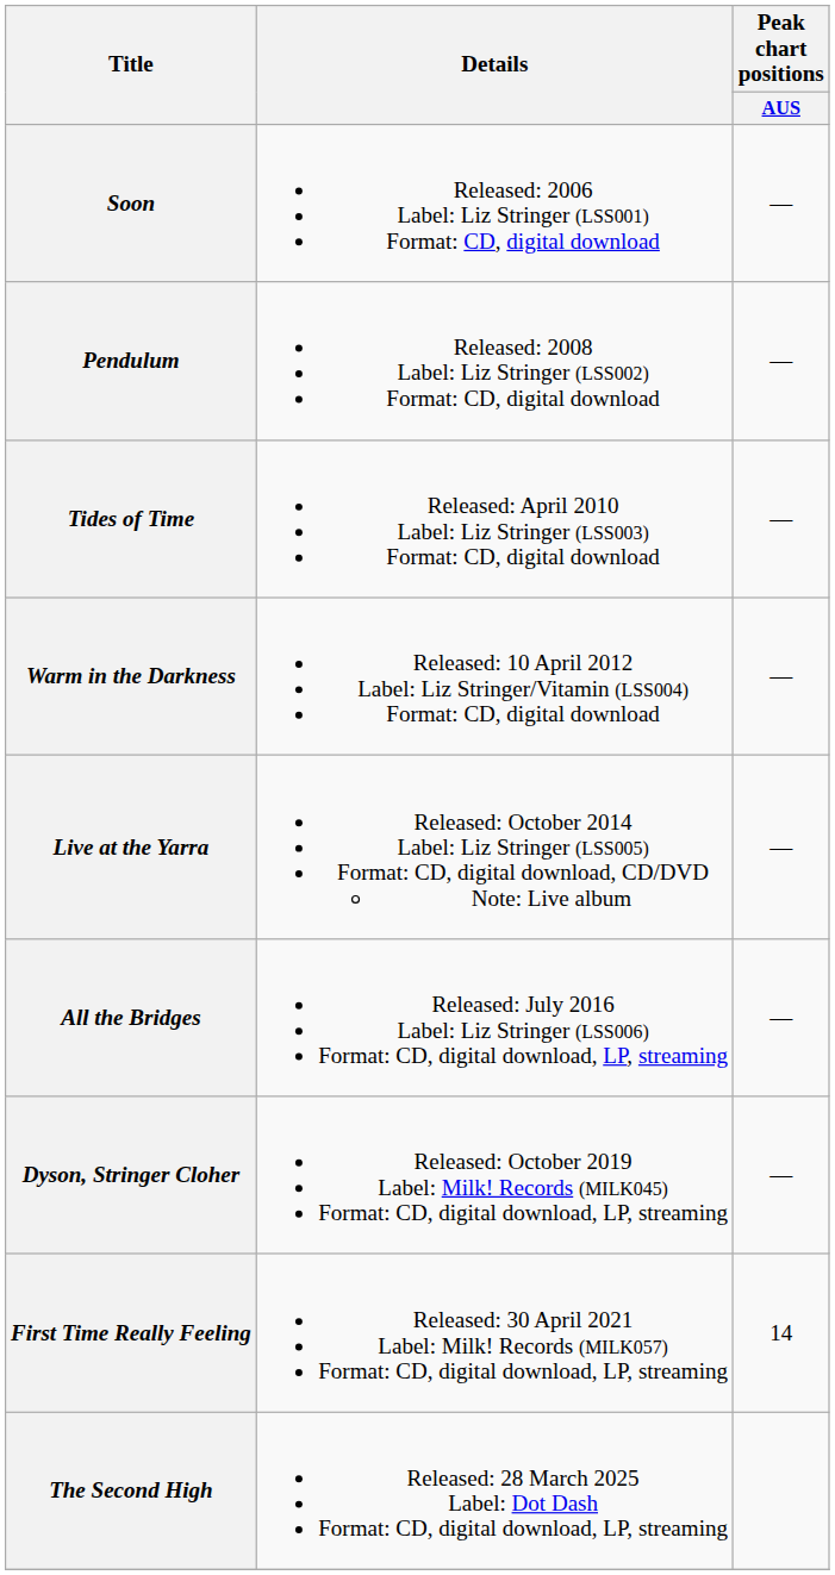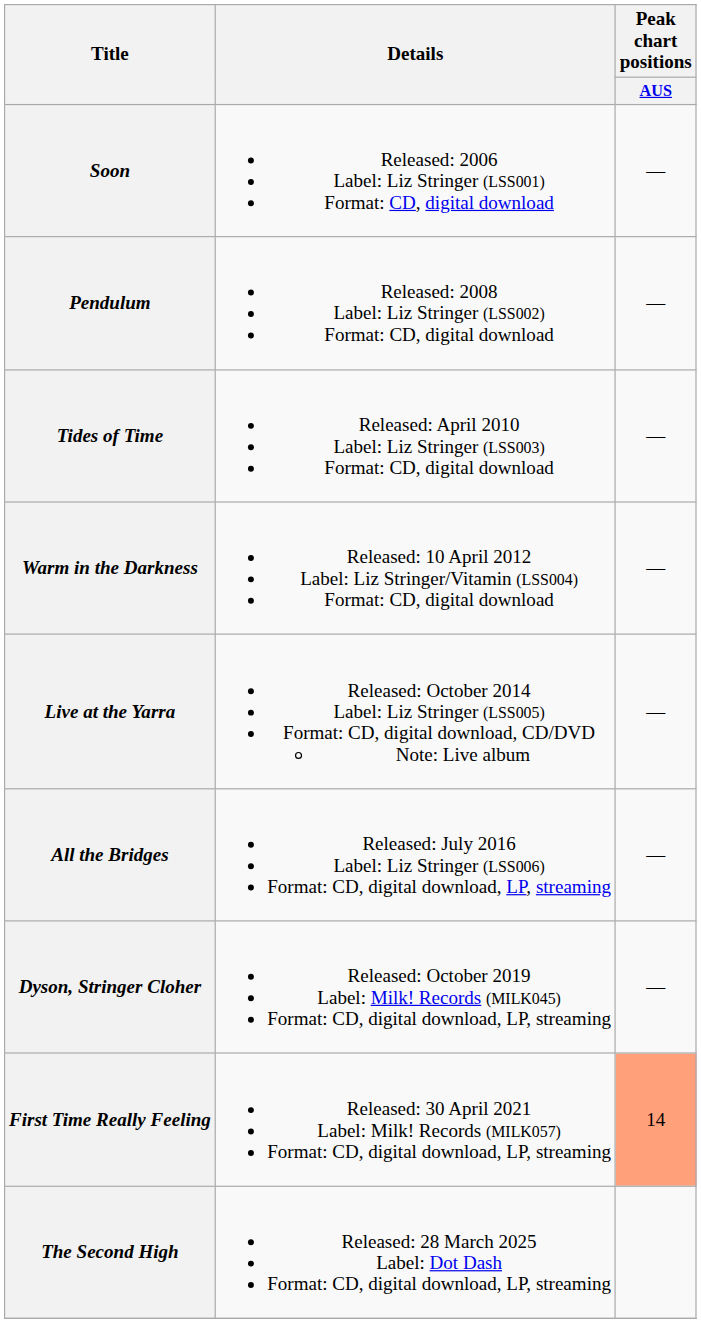 <table class="wikitable plainrowheaders" style="text-align:center;" border="1">
 <tr>
 <th scope="col" rowspan="2">Title</th>
 <th scope="col" rowspan="2">Details</th>
 <th scope="col" colspan="1">Peak chart positions</th>
 </tr>
 <tr>
 <th scope="col" style="width:3em;font-size:85%;"><a href='#'>AUS</a><br></th>
 </tr>
 <tr>
 <th scope="row"><em>Soon</em></th>
 <td><br><ul><li>Released: 2006</li><li>Label: Liz Stringer <small>(LSS001)</small></li><li>Format: <a href='#'>CD</a>, <a href='#'>digital download</a></li></ul></td>
 <td>—</td>
 </tr>
 <tr>
 <th scope="row"><em>Pendulum</em></th>
 <td><br><ul><li>Released: 2008</li><li>Label: Liz Stringer <small>(LSS002)</small></li><li>Format: CD, digital download</li></ul></td>
 <td>—</td>
 </tr>
 <tr>
 <th scope="row"><em>Tides of Time</em></th>
 <td><br><ul><li>Released: April 2010</li><li>Label: Liz Stringer <small>(LSS003)</small></li><li>Format: CD, digital download</li></ul></td>
 <td>—</td>
 </tr>
 <tr>
 <th scope="row"><em>Warm in the Darkness</em></th>
 <td><br><ul><li>Released: 10 April 2012</li><li>Label: Liz Stringer/Vitamin <small>(LSS004)</small></li><li>Format: CD, digital download</li></ul></td>
 <td>—</td>
 </tr>
 <tr>
 <th scope="row"><em>Live at the Yarra</em></th>
 <td><br><ul><li>Released: October 2014</li><li>Label: Liz Stringer <small>(LSS005)</small></li><li>Format: CD, digital download, CD/DVD<ul><li>Note: Live album</li></ul></li></ul></td>
 <td>—</td>
 </tr>
 <tr>
 <th scope="row"><em>All the Bridges</em></th>
 <td><br><ul><li>Released: July 2016</li><li>Label: Liz Stringer <small>(LSS006)</small></li><li>Format: CD, digital download, <a href='#'>LP</a>, <a href='#'>streaming</a></li></ul></td>
 <td>—</td>
 </tr>
 <tr>
 <th scope="row"><em>Dyson, Stringer Cloher</em> <br></th>
 <td><br><ul><li>Released: October 2019</li><li>Label: <a href='#'>Milk! Records</a> <small>(MILK045)</small></li><li>Format: CD, digital download, LP, streaming</li></ul></td>
 <td>—</td>
 </tr>
 <tr>
 <th scope="row"><em>First Time Really Feeling</em></th>
 <td><br><ul><li>Released: 30 April 2021</li><li>Label: Milk! Records <small>(MILK057)</small></li><li>Format: CD, digital download, LP, streaming</li></ul></td>
-<td>14</td>
+<td style="background: lightsalmon;">14</td>
 </tr>
 <tr>
 <th scope="row"><em>The Second High</em></th>
 <td><br><ul><li>Released: 28 March 2025</li><li>Label: <a href='#'>Dot Dash</a></li><li>Format: CD, digital download, LP, streaming</li></ul></td>
 <td></td>
 </tr>
 <tr>
 </tr>
 </table>
